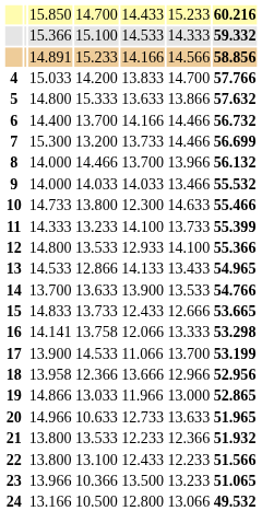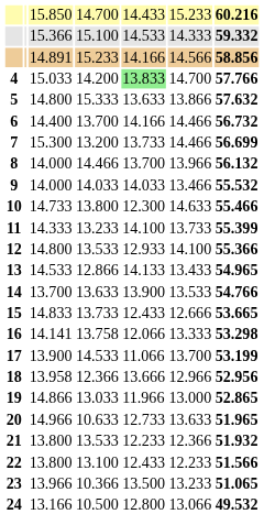 <table>
 <tr style="background:#fffcaf;">
 <th scope=row style="text-align:center"></th>
 <td align=left></td>
 <td>15.850</td>
 <td>14.700</td>
 <td>14.433</td>
 <td>15.233</td>
 <td><strong>60.216</strong></td>
 </tr>
 <tr style="background:#e5e5e5;">
 <th scope=row style="text-align:center"></th>
 <td align=left></td>
 <td>15.366</td>
 <td>15.100</td>
 <td>14.533</td>
 <td>14.333</td>
 <td><strong>59.332</strong></td>
 </tr>
 <tr style="background:#ec9;">
 <th scope=row style="text-align:center"></th>
 <td align=left></td>
 <td>14.891</td>
 <td>15.233</td>
 <td>14.166</td>
 <td>14.566</td>
 <td><strong>58.856</strong></td>
 </tr>
 <tr>
 <th scope=row style="text-align:center">4</th>
 <td align=left></td>
 <td>15.033</td>
 <td>14.200</td>
-<td>13.833</td>
+<td style="background: lightgreen;">13.833</td>
 <td>14.700</td>
 <td><strong>57.766</strong></td>
 </tr>
 <tr>
 <th scope=row style="text-align:center">5</th>
 <td align=left></td>
 <td>14.800</td>
 <td>15.333</td>
 <td>13.633</td>
 <td>13.866</td>
 <td><strong>57.632</strong></td>
 </tr>
 <tr>
 <th scope=row style="text-align:center">6</th>
 <td align=left></td>
 <td>14.400</td>
 <td>13.700</td>
 <td>14.166</td>
 <td>14.466</td>
 <td><strong>56.732</strong></td>
 </tr>
 <tr>
 <th scope=row style="text-align:center">7</th>
 <td align=left></td>
 <td>15.300</td>
 <td>13.200</td>
 <td>13.733</td>
 <td>14.466</td>
 <td><strong>56.699</strong></td>
 </tr>
 <tr>
 <th scope=row style="text-align:center">8</th>
 <td align=left></td>
 <td>14.000</td>
 <td>14.466</td>
 <td>13.700</td>
 <td>13.966</td>
 <td><strong>56.132</strong></td>
 </tr>
 <tr>
 <th scope=row style="text-align:center">9</th>
 <td align=left></td>
 <td>14.000</td>
 <td>14.033</td>
 <td>14.033</td>
 <td>13.466</td>
 <td><strong>55.532</strong></td>
 </tr>
 <tr>
 <th scope=row style="text-align:center">10</th>
 <td align=left></td>
 <td>14.733</td>
 <td>13.800</td>
 <td>12.300</td>
 <td>14.633</td>
 <td><strong>55.466</strong></td>
 </tr>
 <tr>
 <th scope=row style="text-align:center">11</th>
 <td align=left></td>
 <td>14.333</td>
 <td>13.233</td>
 <td>14.100</td>
 <td>13.733</td>
 <td><strong>55.399</strong></td>
 </tr>
 <tr>
 <th scope=row style="text-align:center">12</th>
 <td align=left></td>
 <td>14.800</td>
 <td>13.533</td>
 <td>12.933</td>
 <td>14.100</td>
 <td><strong>55.366</strong></td>
 </tr>
 <tr>
 <th scope=row style="text-align:center">13</th>
 <td align=left></td>
 <td>14.533</td>
 <td>12.866</td>
 <td>14.133</td>
 <td>13.433</td>
 <td><strong>54.965</strong></td>
 </tr>
 <tr>
 <th scope=row style="text-align:center">14</th>
 <td align=left></td>
 <td>13.700</td>
 <td>13.633</td>
 <td>13.900</td>
 <td>13.533</td>
 <td><strong>54.766</strong></td>
 </tr>
 <tr>
 <th scope=row style="text-align:center">15</th>
 <td align=left></td>
 <td>14.833</td>
 <td>13.733</td>
 <td>12.433</td>
 <td>12.666</td>
 <td><strong>53.665</strong></td>
 </tr>
 <tr>
 <th scope=row style="text-align:center">16</th>
 <td align=left></td>
 <td>14.141</td>
 <td>13.758</td>
 <td>12.066</td>
 <td>13.333</td>
 <td><strong>53.298</strong></td>
 </tr>
 <tr>
 <th scope=row style="text-align:center">17</th>
 <td align=left></td>
 <td>13.900</td>
 <td>14.533</td>
 <td>11.066</td>
 <td>13.700</td>
 <td><strong>53.199</strong></td>
 </tr>
 <tr>
 <th scope=row style="text-align:center">18</th>
 <td align=left></td>
 <td>13.958</td>
 <td>12.366</td>
 <td>13.666</td>
 <td>12.966</td>
 <td><strong>52.956</strong></td>
 </tr>
 <tr>
 <th scope=row style="text-align:center">19</th>
 <td align=left></td>
 <td>14.866</td>
 <td>13.033</td>
 <td>11.966</td>
 <td>13.000</td>
 <td><strong>52.865</strong></td>
 </tr>
 <tr>
 <th scope=row style="text-align:center">20</th>
 <td align=left></td>
 <td>14.966</td>
 <td>10.633</td>
 <td>12.733</td>
 <td>13.633</td>
 <td><strong>51.965</strong></td>
 </tr>
 <tr>
 <th scope=row style="text-align:center">21</th>
 <td align=left></td>
 <td>13.800</td>
 <td>13.533</td>
 <td>12.233</td>
 <td>12.366</td>
 <td><strong>51.932</strong></td>
 </tr>
 <tr>
 <th scope=row style="text-align:center">22</th>
 <td align=left></td>
 <td>13.800</td>
 <td>13.100</td>
 <td>12.433</td>
 <td>12.233</td>
 <td><strong>51.566</strong></td>
 </tr>
 <tr>
 <th scope=row style="text-align:center">23</th>
 <td align=left></td>
 <td>13.966</td>
 <td>10.366</td>
 <td>13.500</td>
 <td>13.233</td>
 <td><strong>51.065</strong></td>
 </tr>
 <tr>
 <th scope=row style="text-align:center">24</th>
 <td align=left></td>
 <td>13.166</td>
 <td>10.500</td>
 <td>12.800</td>
 <td>13.066</td>
 <td><strong>49.532</strong></td>
 </tr>
 </table>
